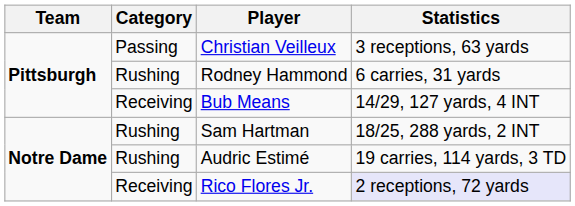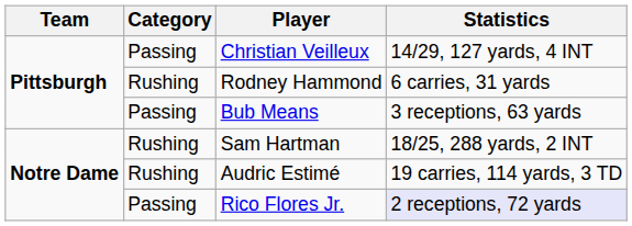 <table class="wikitable" style="float: right;">
 <tr>
 <th>Team</th>
 <th>Category</th>
 <th>Player</th>
 <th>Statistics</th>
 </tr>
 <tr>
 <td rowspan=3><strong>Pittsburgh</strong></td>
 <td>Passing</td>
 <td><a href='#'>Christian Veilleux</a></td>
-<td>3 receptions, 63 yards</td>
+<td>14/29, 127 yards, 4 INT</td>
 </tr>
 <tr>
 <td>Rushing</td>
 <td>Rodney Hammond</td>
 <td>6 carries, 31 yards</td>
 </tr>
 <tr>
-<td>Receiving</td>
+<td>Passing</td>
 <td><a href='#'>Bub Means</a></td>
-<td>14/29, 127 yards, 4 INT</td>
+<td>3 receptions, 63 yards</td>
 </tr>
 <tr>
 <td rowspan=3><strong>Notre Dame</strong></td>
 <td>Rushing</td>
 <td>Sam Hartman</td>
 <td>18/25, 288 yards, 2 INT</td>
 </tr>
 <tr>
 <td>Rushing</td>
 <td>Audric Estimé</td>
 <td>19 carries, 114 yards, 3 TD</td>
 </tr>
 <tr>
-<td>Receiving</td>
+<td>Passing</td>
 <td><a href='#'>Rico Flores Jr.</a></td>
 <td style="background: lavender;">2 receptions, 72 yards</td>
 </tr>
 </table>
